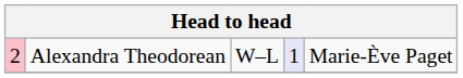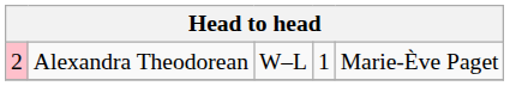 <table class="wikitable sortable" style="text-align:center">
 <tr>
 <th colspan=5>Head to head</th>
 </tr>
 <tr>
 <td style="background: pink;">2</td>
 <td align=right>Alexandra Theodorean </td>
 <td>W–L</td>
-<td style="background: lavender;">1</td>
+<td>1</td>
 <td align=left> Marie-Ève Paget</td>
 </tr>
 <tr>
 </tr>
 </table>
